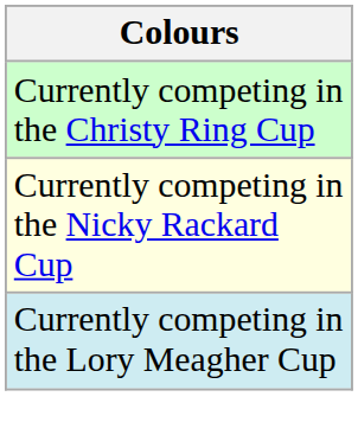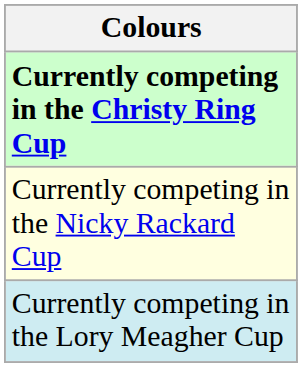 <table class="wikitable">
 <tr>
 <th width="150">Colours</th>
 </tr>
 <tr style="background:#ccffcc">
-<td>Currently competing in the <a href='#'>Christy Ring Cup</a></td>
+<td><strong>Currently competing in the <a href='#'>Christy Ring Cup</a></strong></td>
 </tr>
 <tr style="background:#FFFFE0">
 <td>Currently competing in the <a href='#'>Nicky Rackard Cup</a></td>
 </tr>
 <tr style="background:#CEECF2">
 <td>Currently competing in the Lory Meagher Cup</td>
 </tr>
 </table>
